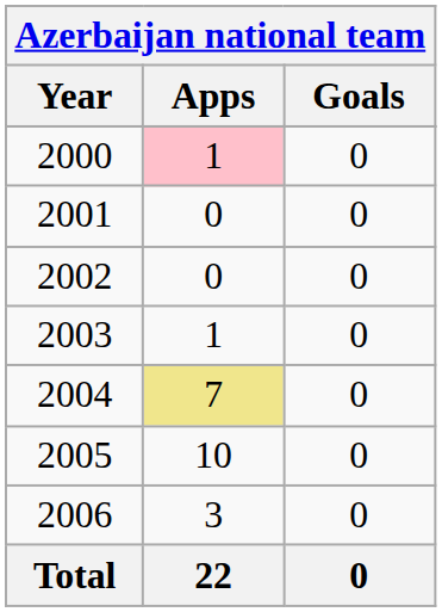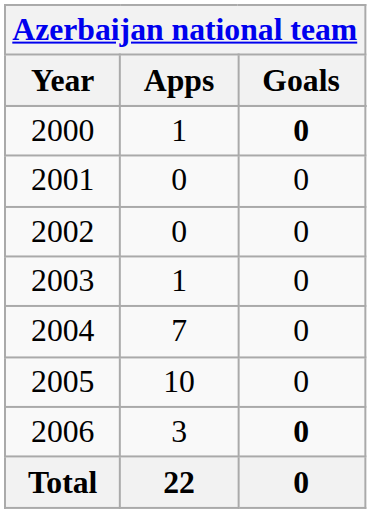 <table class="wikitable" style="text-align:center">
 <tr>
 <th colspan=3><a href='#'>Azerbaijan national team</a></th>
 </tr>
 <tr>
 <th>Year</th>
 <th>Apps</th>
 <th>Goals</th>
 </tr>
 <tr>
 </tr>
 <tr>
 <td>2000</td>
-<td style="background: pink;">1</td>
-<td>0</td>
+<td>1</td>
+<td><strong>0</strong></td>
 </tr>
 <tr>
 <td>2001</td>
 <td>0</td>
 <td>0</td>
 </tr>
 <tr>
 <td>2002</td>
 <td>0</td>
 <td>0</td>
 </tr>
 <tr>
 <td>2003</td>
 <td>1</td>
 <td>0</td>
 </tr>
 <tr>
 <td>2004</td>
-<td style="background: khaki;">7</td>
+<td>7</td>
 <td>0</td>
 </tr>
 <tr>
 <td>2005</td>
 <td>10</td>
 <td>0</td>
 </tr>
 <tr>
 <td>2006</td>
 <td>3</td>
-<td>0</td>
+<td><strong>0</strong></td>
 </tr>
 <tr>
 <th>Total</th>
 <th>22</th>
 <th>0</th>
 </tr>
 </table>
